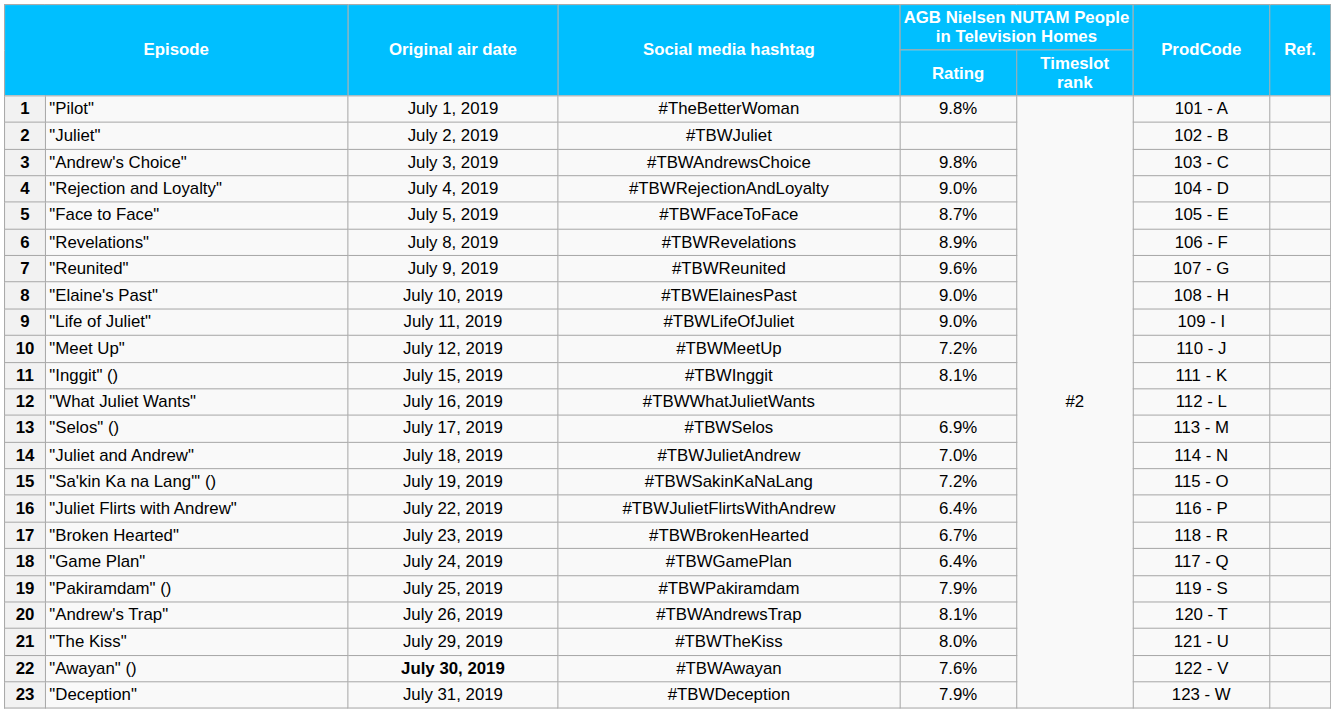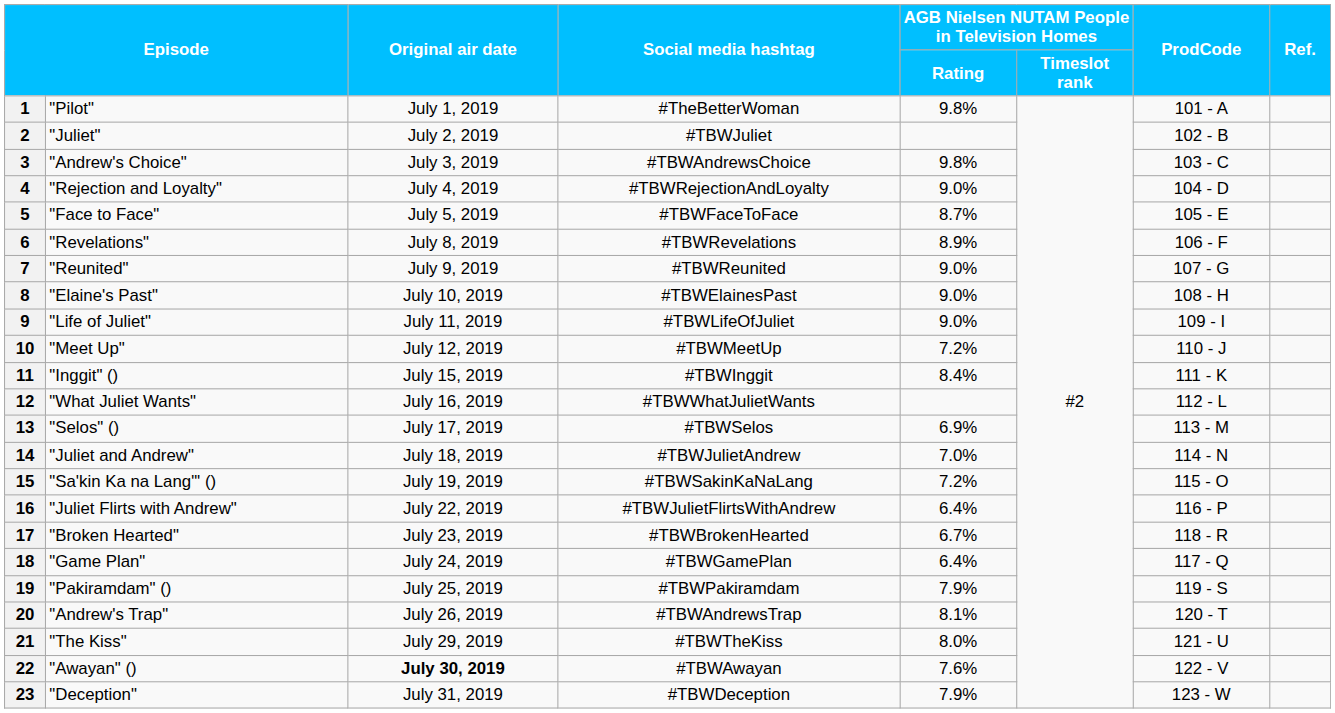 <table class="wikitable" style="text-align:center; font-size:100%; line-height:18px;" width="100%">
 <tr>
 <th style="background-color:#00BFFF; color:#ffffff;" colspan="2" rowspan="2">Episode</th>
 <th style="background-color:#00BFFF; color:white" rowspan="2">Original air date</th>
 <th style="background-color:#00BFFF; color:white" rowspan="2">Social media hashtag</th>
 <th style="background-color:#00BFFF; color:#ffffff;" colspan="2">AGB Nielsen NUTAM People in Television Homes</th>
 <th style="background-color:#00BFFF; color:#ffffff;" rowspan="2">ProdCode</th>
 <th style="background-color:#00BFFF; color:#ffffff;" rowspan="2">Ref.</th>
 </tr>
 <tr>
 <th style="background-color:#00BFFF; width:75px; color:#ffffff;">Rating</th>
 <th style="background-color:#00BFFF; width:75px; color:#ffffff;">Timeslot<br>rank</th>
 </tr>
 <tr>
 <th>1</th>
 <td style="text-align: left;">"Pilot"</td>
 <td>July 1, 2019</td>
 <td>#TheBetterWoman</td>
 <td>9.8%</td>
 <td rowspan="23">#2</td>
 <td>101 - A</td>
 <td></td>
 </tr>
 <tr>
 <th>2</th>
 <td style="text-align: left;">"Juliet"</td>
 <td>July 2, 2019</td>
 <td>#TBWJuliet</td>
 <td></td>
 <td>102 - B</td>
 <td></td>
 </tr>
 <tr>
 <th>3</th>
 <td style="text-align: left;">"Andrew's Choice"</td>
 <td>July 3, 2019</td>
 <td>#TBWAndrewsChoice</td>
 <td>9.8%</td>
 <td>103 - C</td>
 <td></td>
 </tr>
 <tr>
 <th>4</th>
 <td style="text-align: left;">"Rejection and Loyalty"</td>
 <td>July 4, 2019</td>
 <td>#TBWRejectionAndLoyalty</td>
 <td>9.0%</td>
 <td>104 - D</td>
 <td></td>
 </tr>
 <tr>
 <th>5</th>
 <td style="text-align: left;">"Face to Face"</td>
 <td>July 5, 2019</td>
 <td>#TBWFaceToFace</td>
 <td>8.7%</td>
 <td>105 - E</td>
 <td></td>
 </tr>
 <tr>
 <th>6</th>
 <td style="text-align: left;">"Revelations"</td>
 <td>July 8, 2019</td>
 <td>#TBWRevelations</td>
 <td>8.9%</td>
 <td>106 - F</td>
 <td></td>
 </tr>
 <tr>
 <th>7</th>
 <td style="text-align: left;">"Reunited"</td>
 <td>July 9, 2019</td>
 <td>#TBWReunited</td>
-<td>9.6%</td>
+<td>9.0%</td>
 <td>107 - G</td>
 <td></td>
 </tr>
 <tr>
 <th>8</th>
 <td style="text-align: left;">"Elaine's Past"</td>
 <td>July 10, 2019</td>
 <td>#TBWElainesPast</td>
 <td>9.0%</td>
 <td>108 - H</td>
 <td></td>
 </tr>
 <tr>
 <th>9</th>
 <td style="text-align: left;">"Life of Juliet"</td>
 <td>July 11, 2019</td>
 <td>#TBWLifeOfJuliet</td>
 <td>9.0%</td>
 <td>109 - I</td>
 <td></td>
 </tr>
 <tr>
 <th>10</th>
 <td style="text-align: left;">"Meet Up"</td>
 <td>July 12, 2019</td>
 <td>#TBWMeetUp</td>
 <td>7.2%</td>
 <td>110 - J</td>
 <td></td>
 </tr>
 <tr>
 <th>11</th>
 <td style="text-align: left;">"Inggit" ()</td>
 <td>July 15, 2019</td>
 <td>#TBWInggit</td>
-<td>8.1%</td>
+<td>8.4%</td>
 <td>111 - K</td>
 <td></td>
 </tr>
 <tr>
 <th>12</th>
 <td style="text-align: left;">"What Juliet Wants"</td>
 <td>July 16, 2019</td>
 <td>#TBWWhatJulietWants</td>
 <td></td>
 <td>112 - L</td>
 <td></td>
 </tr>
 <tr>
 <th>13</th>
 <td style="text-align: left;">"Selos" ()</td>
 <td>July 17, 2019</td>
 <td>#TBWSelos</td>
 <td>6.9%</td>
 <td>113 - M</td>
 <td></td>
 </tr>
 <tr>
 <th>14</th>
 <td style="text-align: left;">"Juliet and Andrew"</td>
 <td>July 18, 2019</td>
 <td>#TBWJulietAndrew</td>
 <td>7.0%</td>
 <td>114 - N</td>
 <td></td>
 </tr>
 <tr>
 <th>15</th>
 <td style="text-align: left;">"Sa'kin Ka na Lang"' ()</td>
 <td>July 19, 2019</td>
 <td>#TBWSakinKaNaLang</td>
 <td>7.2%</td>
 <td>115 - O</td>
 <td></td>
 </tr>
 <tr>
 <th>16</th>
 <td style="text-align: left;">"Juliet Flirts with Andrew"</td>
 <td>July 22, 2019</td>
 <td>#TBWJulietFlirtsWithAndrew</td>
 <td>6.4%</td>
 <td>116 - P</td>
 <td></td>
 </tr>
 <tr>
 <th>17</th>
 <td style="text-align: left;">"Broken Hearted"</td>
 <td>July 23, 2019</td>
 <td>#TBWBrokenHearted</td>
 <td>6.7%</td>
 <td>118 - R</td>
 <td></td>
 </tr>
 <tr>
 <th>18</th>
 <td style="text-align: left;">"Game Plan"</td>
 <td>July 24, 2019</td>
 <td>#TBWGamePlan</td>
 <td>6.4%</td>
 <td>117 - Q</td>
 <td></td>
 </tr>
 <tr>
 <th>19</th>
 <td style="text-align: left;">"Pakiramdam" ()</td>
 <td>July 25, 2019</td>
 <td>#TBWPakiramdam</td>
 <td>7.9%</td>
 <td>119 - S</td>
 <td></td>
 </tr>
 <tr>
 <th>20</th>
 <td style="text-align: left;">"Andrew's Trap"</td>
 <td>July 26, 2019</td>
 <td>#TBWAndrewsTrap</td>
 <td>8.1%</td>
 <td>120 - T</td>
 <td></td>
 </tr>
 <tr>
 <th>21</th>
 <td style="text-align: left;">"The Kiss"</td>
 <td>July 29, 2019</td>
 <td>#TBWTheKiss</td>
 <td>8.0%</td>
 <td>121 - U</td>
 <td></td>
 </tr>
 <tr>
 <th>22</th>
 <td style="text-align: left;">"Awayan" ()</td>
 <td><strong>July 30, 2019</strong></td>
 <td>#TBWAwayan</td>
 <td>7.6%</td>
 <td>122 - V</td>
 <td></td>
 </tr>
 <tr>
 <th>23</th>
 <td style="text-align: left;">"Deception"</td>
 <td>July 31, 2019</td>
 <td>#TBWDeception</td>
 <td>7.9%</td>
 <td>123 - W</td>
 <td></td>
 </tr>
 </table>
